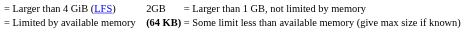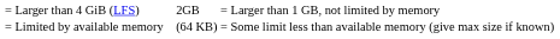 <table cellpadding=1 style="margin-left:1em">
 <tr>
 <td></td>
 <td>= Larger than 4 GiB (<a href='#'>LFS</a>)</td>
 <td>2GB</td>
 <td>= Larger than 1 GB, not limited by memory</td>
 </tr>
 <tr>
 <td></td>
 <td>= Limited by available memory   </td>
-<td><strong> (64 KB)</strong></td>
+<td> (64 KB)</td>
 <td>= Some limit less than available memory (give max size if known)</td>
 </tr>
 </table>
